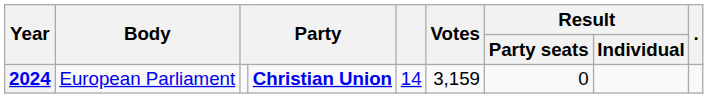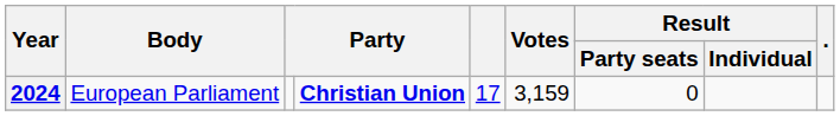 <table class="wikitable plainrowheaders sortable" border=2 cellpadding=4 cellspacing=0 style="border: 1px #aaa solid; font-size: 90%; text-align:center;">
 <tr>
 <th scope="col" rowspan=2>Year</th>
 <th scope="col" rowspan=2>Body</th>
 <th scope="col" colspan=2 rowspan=2>Party</th>
 <th scope="col" rowspan=2></th>
 <th scope="col" rowspan=2>Votes</th>
 <th scope="colgroup" colspan=2>Result</th>
 <th scope="col" rowspan=2>.</th>
 </tr>
 <tr>
 <th scope="col">Party seats</th>
 <th scope="col">Individual</th>
 </tr>
 <tr>
 <th scope="row"><a href='#'>2024</a></th>
 <td><a href='#'>European Parliament</a></td>
 <td style="background-color:"></td>
 <td><strong><a href='#'>Christian Union</a></strong></td>
-<td style=text-align:right><a href='#'>14</a></td>
+<td style=text-align:right><a href='#'>17</a></td>
 <td style=text-align:right>3,159</td>
 <td style=text-align:right>0</td>
 <td></td>
 <td></td>
 </tr>
 </table>
